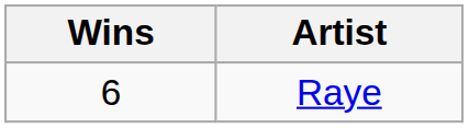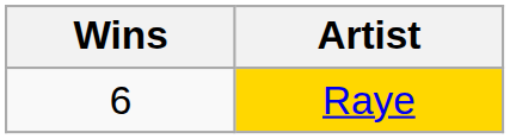 <table class="wikitable plainrowheaders" rowspan=2 border="2" cellpadding="4" style="text-align: center">
 <tr>
 <th scope="col" style="width:85px;">Wins</th>
 <th scope="col" style="text-align:center;width:100px;">Artist</th>
 </tr>
 <tr>
 <td scope=row rowspan="2" style="text-align:center">6</td>
-<td><a href='#'>Raye</a></td>
+<td style="background: gold;"><a href='#'>Raye</a></td>
 </tr>
 </table>
